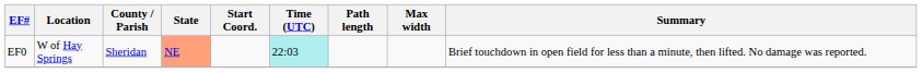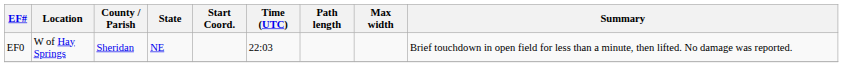 <table class="wikitable sortable" style="width:100%;">
 <tr>
 <th scope="col"  style="width:3%; text-align:center;"><a href='#'>EF#</a></th>
 <th scope="col"  style="width:7%; text-align:center;" class="unsortable">Location</th>
 <th scope="col"  style="width:6%; text-align:center;" class="unsortable">County / Parish</th>
 <th scope="col"  style="width:5%; text-align:center;">State</th>
 <th scope="col"  style="width:6%; text-align:center;">Start Coord.</th>
 <th scope="col"  style="width:6%; text-align:center;">Time (<a href='#'>UTC</a>)</th>
 <th scope="col"  style="width:6%; text-align:center;">Path length</th>
 <th scope="col"  style="width:6%; text-align:center;">Max width</th>
 <th scope="col" class="unsortable" style="width:48%; text-align:center;">Summary</th>
 </tr>
 <tr>
 <td>EF0</td>
 <td>W of <a href='#'>Hay Springs</a></td>
 <td><a href='#'>Sheridan</a></td>
-<td style="background: lightsalmon;"><a href='#'>NE</a></td>
+<td><a href='#'>NE</a></td>
 <td></td>
-<td style="background: paleturquoise;">22:03</td>
+<td>22:03</td>
 <td></td>
 <td></td>
 <td>Brief touchdown in open field for less than a minute, then lifted. No damage was reported.</td>
 </tr>
 <tr>
 </tr>
 </table>
